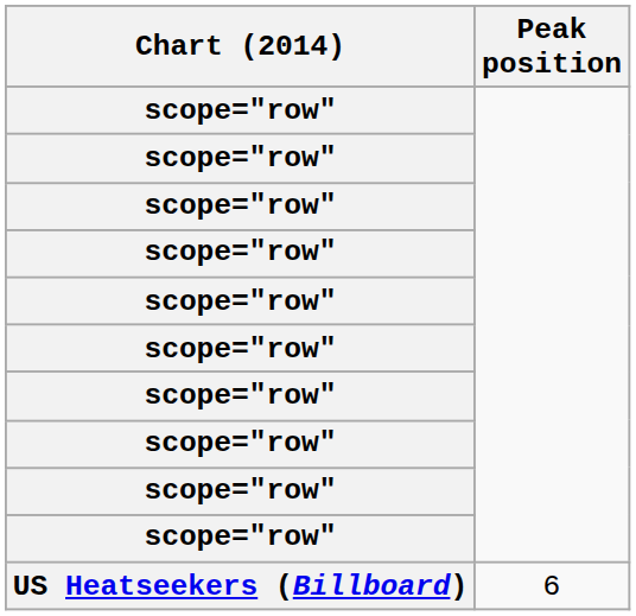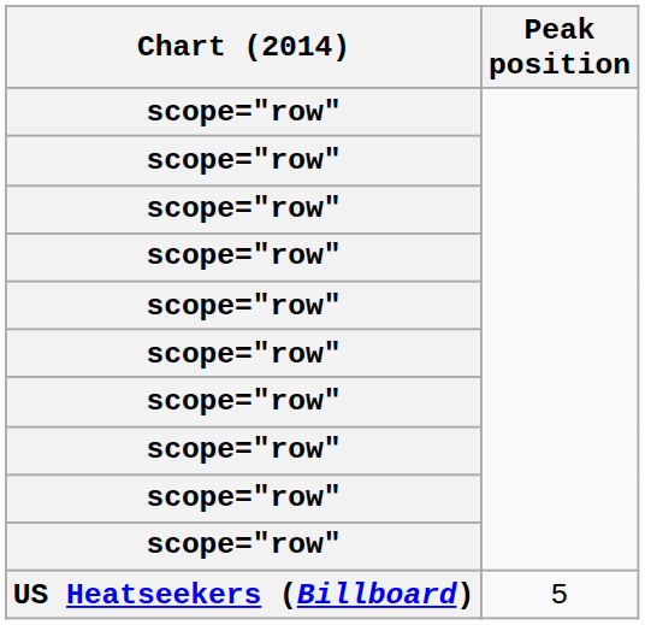 <table class="wikitable sortable plainrowheaders" style="text-align:center">
 <tr>
 <th scope="col">Chart (2014)</th>
 <th scope="col">Peak<br>position</th>
 </tr>
 <tr>
 <th>scope="row"</th>
 </tr>
 <tr>
 <th>scope="row"</th>
 </tr>
 <tr>
 <th>scope="row"</th>
 </tr>
 <tr>
 <th>scope="row"</th>
 </tr>
 <tr>
 <th>scope="row"</th>
 </tr>
 <tr>
 <th>scope="row"</th>
 </tr>
 <tr>
 <th>scope="row"</th>
 </tr>
 <tr>
 <th>scope="row"</th>
 </tr>
 <tr>
 <th>scope="row"</th>
 </tr>
 <tr>
 <th>scope="row"</th>
 </tr>
 <tr>
 <th scope="row">US <a href='#'>Heatseekers</a> (<a href='#'><em>Billboard</em></a>)</th>
-<td>6</td>
+<td>5</td>
 </tr>
 </table>
